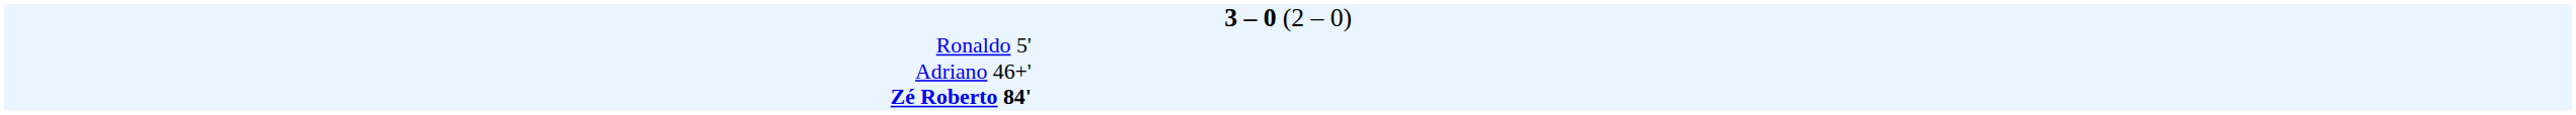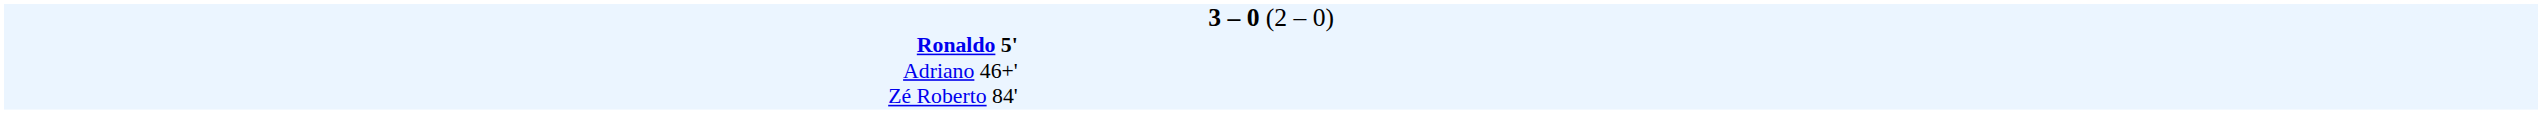 <table width=100% cellspacing=0 cellpadding=0 style=background:#EBF5FF>
 <tr>
 <td width=40% align=right><strong></strong></td>
 <td align=center width=20%><strong> 3 – 0 </strong> (2 – 0)</td>
 <td width=40%><strong></strong></td>
 </tr>
 <tr style=font-size:85%>
-<td align=right><a href='#'>Ronaldo</a> 5'</td>
+<td align=right><strong><a href='#'>Ronaldo</a> 5'</strong></td>
 </tr>
 <tr style=font-size:85%>
 <td align=right><a href='#'>Adriano</a> 46+'</td>
 </tr>
 <tr style=font-size:85%>
-<td align=right><strong><a href='#'>Zé Roberto</a> 84'</strong></td>
+<td align=right><a href='#'>Zé Roberto</a> 84'</td>
 </tr>
 </table>
